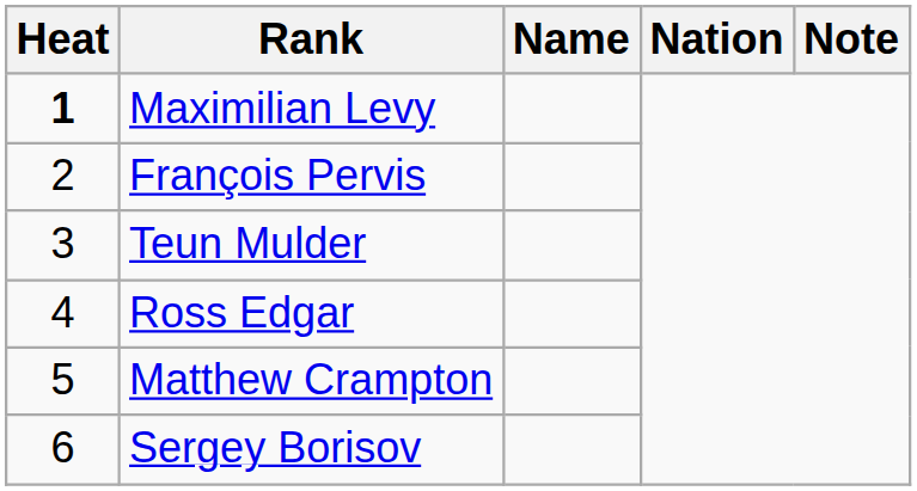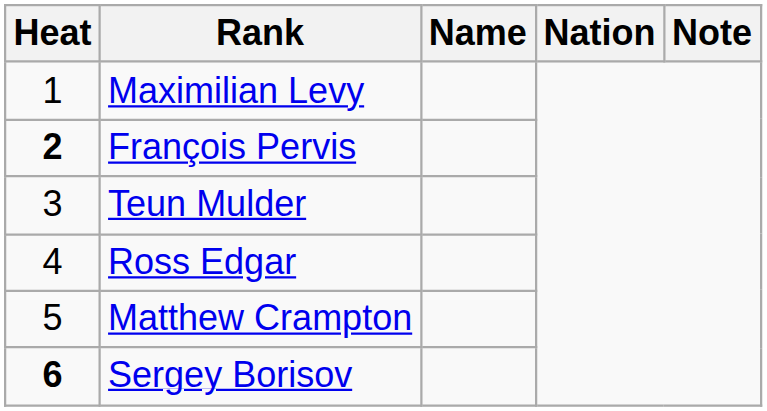 <table class=wikitable sortable style=text-align:center>
 <tr>
 <th>Heat</th>
 <th>Rank</th>
 <th>Name</th>
 <th>Nation</th>
 <th>Note</th>
 </tr>
 <tr>
-<td><strong>1</strong></td>
+<td>1</td>
 <td align=left><a href='#'>Maximilian Levy</a></td>
 <td align=left></td>
 </tr>
 <tr>
-<td>2</td>
+<td><strong>2</strong></td>
 <td align=left><a href='#'>François Pervis</a></td>
 <td align=left></td>
 </tr>
 <tr>
 <td>3</td>
 <td align=left><a href='#'>Teun Mulder</a></td>
 <td align=left></td>
 </tr>
 <tr>
 <td>4</td>
 <td align=left><a href='#'>Ross Edgar</a></td>
 <td align=left></td>
 </tr>
 <tr>
 <td>5</td>
 <td align=left><a href='#'>Matthew Crampton</a></td>
 <td align=left></td>
 </tr>
 <tr>
-<td>6</td>
+<td><strong>6</strong></td>
 <td align=left><a href='#'>Sergey Borisov</a></td>
 <td align=left></td>
 </tr>
 </table>
